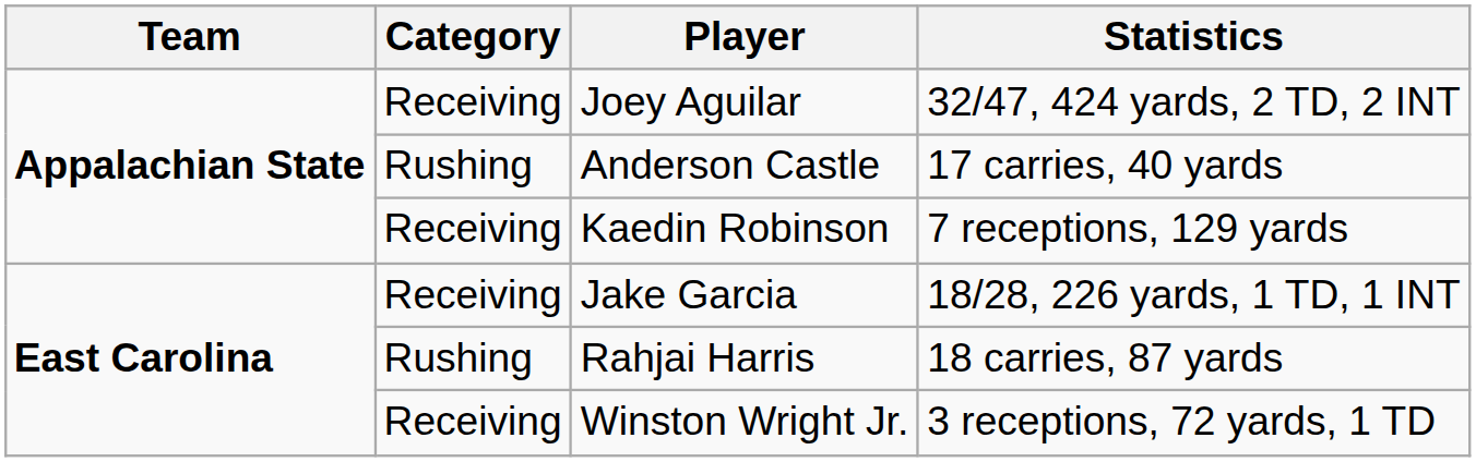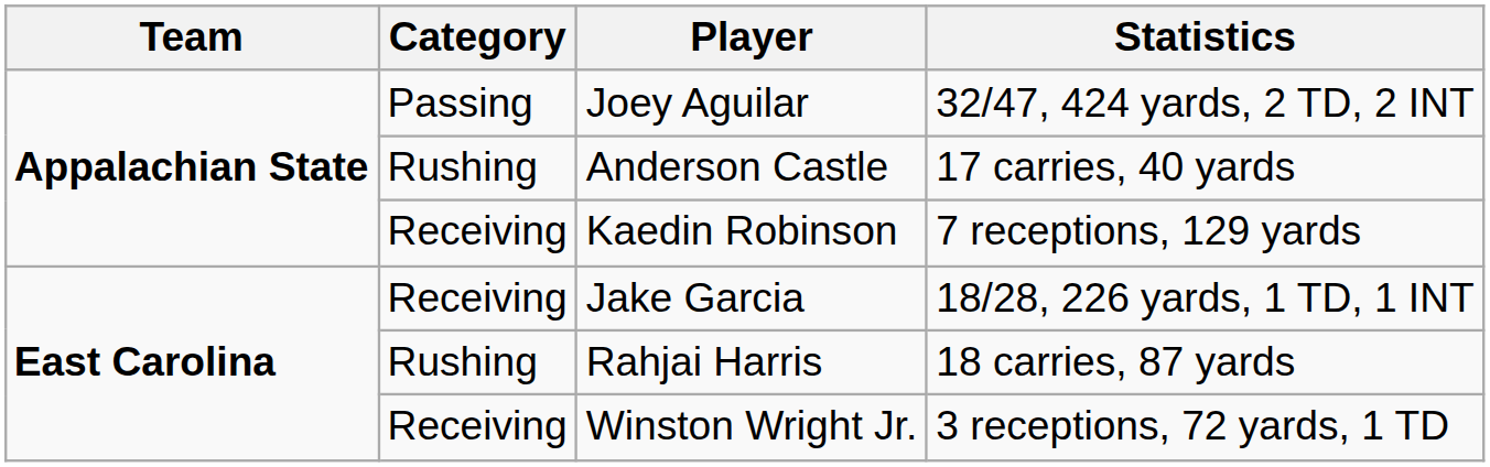 <table class="wikitable" style="float: right;">
 <tr>
 <th>Team</th>
 <th>Category</th>
 <th>Player</th>
 <th>Statistics</th>
 </tr>
 <tr>
 <td rowspan=3><strong>Appalachian State</strong></td>
-<td>Receiving</td>
+<td>Passing</td>
 <td>Joey Aguilar</td>
 <td>32/47, 424 yards, 2 TD, 2 INT</td>
 </tr>
 <tr>
 <td>Rushing</td>
 <td>Anderson Castle</td>
 <td>17 carries, 40 yards</td>
 </tr>
 <tr>
 <td>Receiving</td>
 <td>Kaedin Robinson</td>
 <td>7 receptions, 129 yards</td>
 </tr>
 <tr>
 <td rowspan=3><strong>East Carolina</strong></td>
 <td>Receiving</td>
 <td>Jake Garcia</td>
 <td>18/28, 226 yards, 1 TD, 1 INT</td>
 </tr>
 <tr>
 <td>Rushing</td>
 <td>Rahjai Harris</td>
 <td>18 carries, 87 yards</td>
 </tr>
 <tr>
 <td>Receiving</td>
 <td>Winston Wright Jr.</td>
 <td>3 receptions, 72 yards, 1 TD</td>
 </tr>
 </table>
